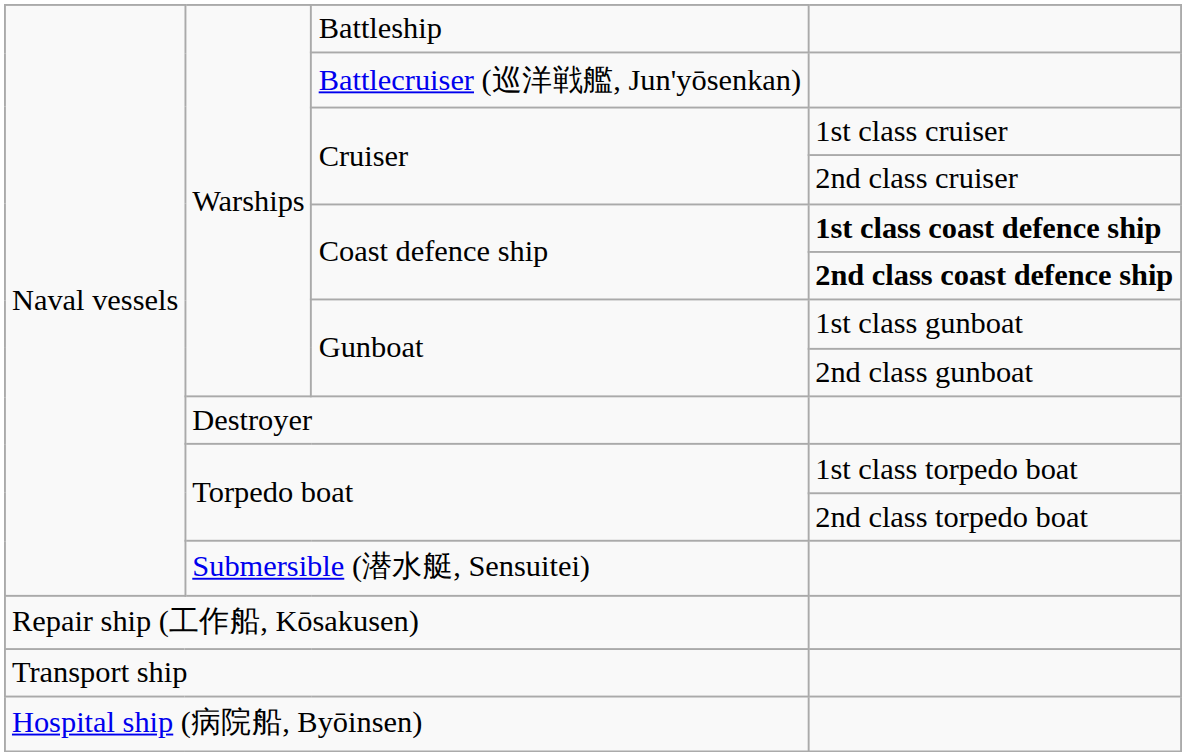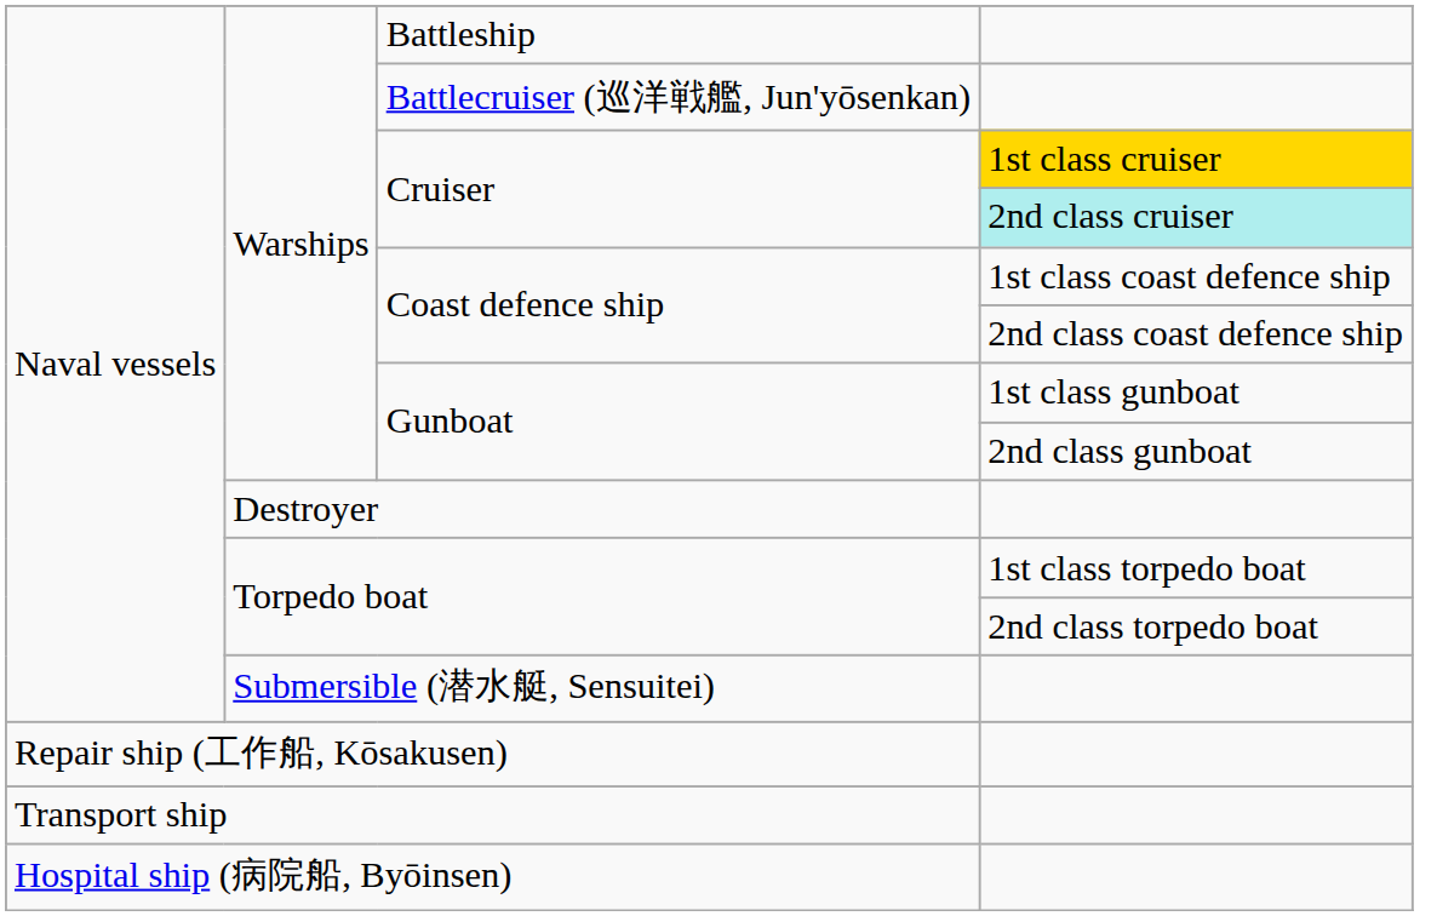 <table class="wikitable">
 <tr>
 <td rowspan="12">Naval vessels</td>
 <td rowspan="8">Warships</td>
 <td>Battleship</td>
 <td></td>
 </tr>
 <tr>
 <td><a href='#'>Battlecruiser</a> (巡洋戦艦, Jun'yōsenkan)</td>
 <td></td>
 </tr>
 <tr>
 <td rowspan="2">Cruiser</td>
-<td>1st class cruiser</td>
+<td style="background: gold;">1st class cruiser</td>
 </tr>
 <tr>
-<td>2nd class cruiser</td>
+<td style="background: paleturquoise;">2nd class cruiser</td>
 </tr>
 <tr>
 <td rowspan="2">Coast defence ship</td>
-<td><strong>1st class coast defence ship</strong></td>
+<td>1st class coast defence ship</td>
 </tr>
 <tr>
-<td><strong>2nd class coast defence ship</strong></td>
+<td>2nd class coast defence ship</td>
 </tr>
 <tr>
 <td rowspan="2">Gunboat</td>
 <td>1st class gunboat</td>
 </tr>
 <tr>
 <td>2nd class gunboat</td>
 </tr>
 <tr>
 <td colspan="2">Destroyer</td>
 <td></td>
 </tr>
 <tr>
 <td colspan="2" rowspan="2">Torpedo boat</td>
 <td>1st class torpedo boat</td>
 </tr>
 <tr>
 <td>2nd class torpedo boat</td>
 </tr>
 <tr>
 <td colspan="2"><a href='#'>Submersible</a> (潜水艇, Sensuitei)</td>
 <td></td>
 </tr>
 <tr>
 <td colspan="3">Repair ship (工作船, Kōsakusen)</td>
 <td></td>
 </tr>
 <tr>
 <td colspan="3">Transport ship</td>
 <td></td>
 </tr>
 <tr>
 <td colspan="3"><a href='#'>Hospital ship</a> (病院船, Byōinsen)</td>
 <td></td>
 </tr>
 <tr>
 </tr>
 </table>
